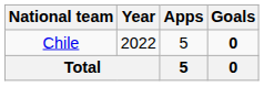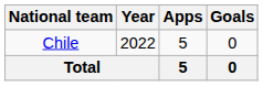 <table class="wikitable" style="text-align:center">
 <tr>
 <th>National team</th>
 <th>Year</th>
 <th>Apps</th>
 <th>Goals</th>
 </tr>
 <tr>
 <td rowspan="1"><a href='#'>Chile</a></td>
 <td>2022</td>
 <td>5</td>
-<td><strong>0</strong></td>
+<td>0</td>
 </tr>
 <tr>
 <th colspan="2">Total</th>
 <th>5</th>
 <th>0</th>
 </tr>
 </table>
